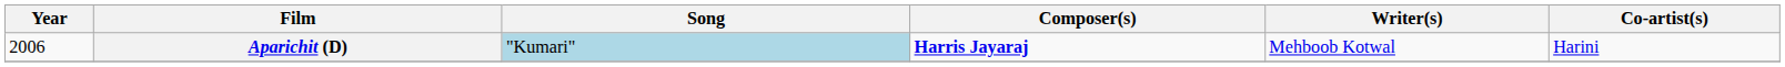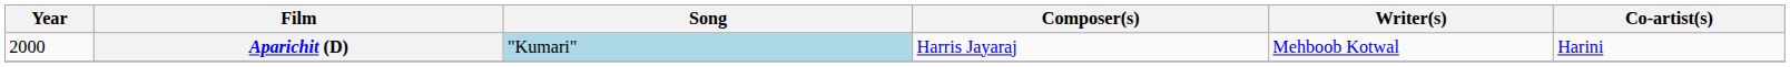 <table class="wikitable plainrowheaders" width="100%" textcolor:#000;">
 <tr style="background:#b0e0e66;">
 <th scope="col" width=5%><strong>Year</strong></th>
 <th scope="col" width=23%><strong>Film</strong></th>
 <th scope="col" width=23%><strong>Song</strong></th>
 <th scope="col" width=20%><strong>Composer(s)</strong></th>
 <th scope="col" width=16%><strong>Writer(s)</strong></th>
 <th scope="col" width=18%><strong>Co-artist(s)</strong></th>
 </tr>
 <tr>
-<td>2006</td>
+<td>2000</td>
 <th><em><a href='#'>Aparichit</a></em> (D)</th>
 <td style="background: lightblue;">"Kumari"</td>
-<td><strong><a href='#'>Harris Jayaraj</a></strong></td>
+<td><a href='#'>Harris Jayaraj</a></td>
 <td><a href='#'>Mehboob Kotwal</a></td>
 <td><a href='#'>Harini</a></td>
 </tr>
 <tr>
 </tr>
 </table>
